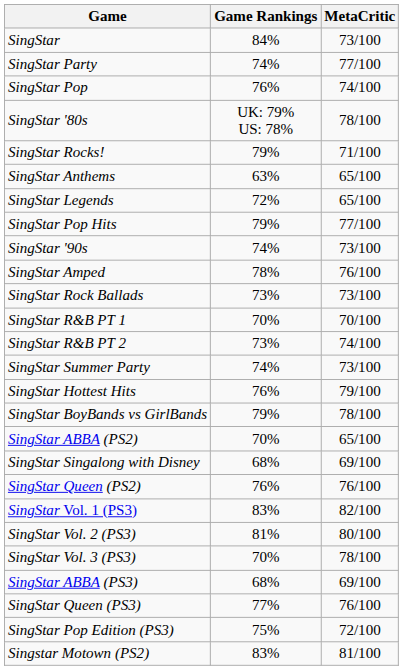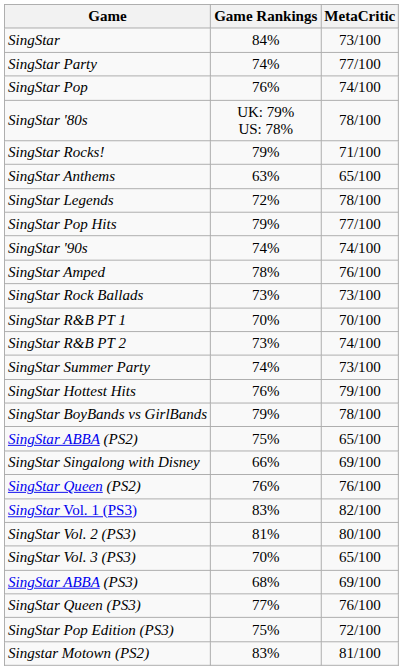 <table class="wikitable" style="text-size:90%;">
 <tr>
 <th>Game</th>
 <th>Game Rankings</th>
 <th>MetaCritic</th>
 </tr>
 <tr>
 <td><em>SingStar</em></td>
 <td style="text-align:center;">84%</td>
 <td style="text-align:center;">73/100</td>
 </tr>
 <tr>
 <td><em>SingStar Party</em></td>
 <td style="text-align:center;">74%</td>
 <td style="text-align:center;">77/100</td>
 </tr>
 <tr>
 <td><em>SingStar Pop</em></td>
 <td style="text-align:center;">76%</td>
 <td style="text-align:center;">74/100</td>
 </tr>
 <tr>
 <td><em>SingStar '80s</em></td>
 <td style="text-align:center;">UK: 79% <br> US: 78%</td>
 <td style="text-align:center;">78/100</td>
 </tr>
 <tr>
 <td><em>SingStar Rocks!</em></td>
 <td style="text-align:center;">79%</td>
 <td style="text-align:center;">71/100</td>
 </tr>
 <tr>
 <td><em>SingStar Anthems</em></td>
 <td style="text-align:center;">63%</td>
 <td style="text-align:center;">65/100</td>
 </tr>
 <tr>
 <td><em>SingStar Legends</em></td>
 <td style="text-align:center;">72%</td>
-<td style="text-align:center;">65/100</td>
+<td style="text-align:center;">78/100</td>
 </tr>
 <tr>
 <td><em>SingStar Pop Hits</em></td>
 <td style="text-align:center;">79%</td>
 <td style="text-align:center;">77/100</td>
 </tr>
 <tr>
 <td><em>SingStar '90s</em></td>
 <td style="text-align:center;">74%</td>
-<td style="text-align:center;">73/100</td>
+<td style="text-align:center;">74/100</td>
 </tr>
 <tr>
 <td><em>SingStar Amped</em></td>
 <td style="text-align:center;">78%</td>
 <td style="text-align:center;">76/100</td>
 </tr>
 <tr>
 <td><em>SingStar Rock Ballads</em></td>
 <td style="text-align:center;">73%</td>
 <td style="text-align:center;">73/100</td>
 </tr>
 <tr>
 <td><em>SingStar R&B PT 1</em></td>
 <td style="text-align:center;">70%</td>
 <td style="text-align:center;">70/100</td>
 </tr>
 <tr>
 <td><em>SingStar R&B PT 2</em></td>
 <td style="text-align:center;">73%</td>
 <td style="text-align:center;">74/100</td>
 </tr>
 <tr>
 <td><em>SingStar Summer Party</em></td>
 <td style="text-align:center;">74%</td>
 <td style="text-align:center;">73/100</td>
 </tr>
 <tr>
 <td><em>SingStar Hottest Hits </em></td>
 <td style="text-align:center;">76%</td>
 <td style="text-align:center;">79/100</td>
 </tr>
 <tr>
 <td><em>SingStar BoyBands vs GirlBands</em></td>
 <td style="text-align:center;">79%</td>
 <td style="text-align:center;">78/100</td>
 </tr>
 <tr>
 <td><em><a href='#'>SingStar ABBA</a> (PS2)</em></td>
-<td style="text-align:center;">70%</td>
+<td style="text-align:center;">75%</td>
 <td style="text-align:center;">65/100</td>
 </tr>
 <tr>
 <td><em>SingStar Singalong with Disney</em></td>
-<td style="text-align:center;">68%</td>
+<td style="text-align:center;">66%</td>
 <td style="text-align:center;">69/100</td>
 </tr>
 <tr>
 <td><em><a href='#'>SingStar Queen</a> (PS2)</em></td>
 <td style="text-align:center;">76%</td>
 <td style="text-align:center;">76/100</td>
 </tr>
 <tr>
 <td><a href='#'><em>SingStar</em> Vol. 1 (PS3)</a></td>
 <td style="text-align:center;">83%</td>
 <td style="text-align:center;">82/100</td>
 </tr>
 <tr>
 <td><em>SingStar Vol. 2 (PS3)</em></td>
 <td style="text-align:center;">81%</td>
 <td style="text-align:center;">80/100</td>
 </tr>
 <tr>
 <td><em>SingStar Vol. 3 (PS3)</em></td>
 <td style="text-align:center;">70%</td>
-<td style="text-align:center;">78/100</td>
+<td style="text-align:center;">65/100</td>
 </tr>
 <tr>
 <td><em><a href='#'>SingStar ABBA</a> (PS3)</em></td>
 <td style="text-align:center;">68%</td>
 <td style="text-align:center;">69/100</td>
 </tr>
 <tr>
 <td><em>SingStar Queen (PS3)</em></td>
 <td style="text-align:center;">77%</td>
 <td style="text-align:center;">76/100</td>
 </tr>
 <tr>
 <td><em>SingStar Pop Edition (PS3)</em></td>
 <td style="text-align:center;">75%</td>
 <td style="text-align:center;">72/100</td>
 </tr>
 <tr>
 <td><em>Singstar Motown (PS2)</em></td>
 <td style="text-align:center;">83%</td>
 <td style="text-align:center;">81/100</td>
 </tr>
 </table>
